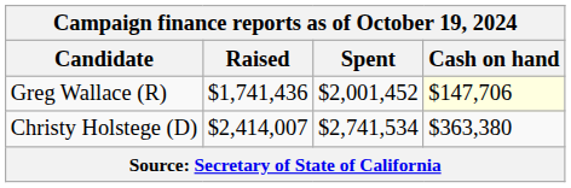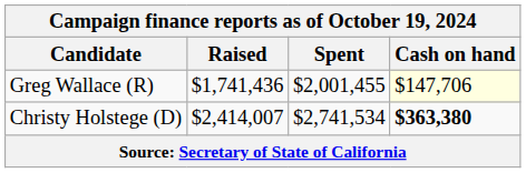 <table class="wikitable sortable">
 <tr>
 <th colspan=4>Campaign finance reports as of October 19, 2024</th>
 </tr>
 <tr style="text-align:center;">
 <th>Candidate</th>
 <th>Raised</th>
 <th>Spent</th>
 <th>Cash on hand</th>
 </tr>
 <tr>
 <td style="background-color:">Greg Wallace (R)</td>
 <td>$1,741,436</td>
-<td>$2,001,452</td>
+<td>$2,001,455</td>
 <td style="background: lightyellow;">$147,706</td>
 </tr>
 <tr>
 <td style="color:black;background-color:">Christy Holstege (D)</td>
 <td>$2,414,007</td>
 <td>$2,741,534</td>
-<td>$363,380</td>
+<td><strong>$363,380</strong></td>
 </tr>
 <tr>
 <th colspan="4"><small>Source: <a href='#'>Secretary of State of California</a></small></th>
 </tr>
 </table>
